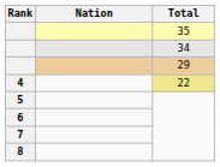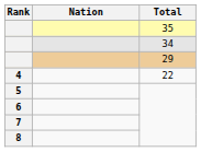 <table class="wikitable sortable" style="text-align:center; font-size:85%">
 <tr>
 <th scope="col" style="width:25px;">Rank</th>
 <th ! scope="col" style="width:120px;">Nation</th>
 <th ! scope="col" style="width:60px;">Total</th>
 </tr>
 <tr bgcolor=fffcaf>
 <th scope=row></th>
 <td align=left></td>
 <td>35</td>
 </tr>
 <tr bgcolor=e5e5e5>
 <th scope=row></th>
 <td align=left></td>
 <td>34</td>
 </tr>
 <tr bgcolor=eecc99>
 <th scope=row></th>
 <td align=left></td>
 <td>29</td>
 </tr>
 <tr>
 <th scope=row>4</th>
 <td align=left></td>
-<td style="background: khaki;">22</td>
+<td>22</td>
 </tr>
 <tr>
 <th scope=row>5</th>
 <td align=left></td>
 <td rowspan=4></td>
 </tr>
 <tr>
 <th scope=row>6</th>
 <td align=left></td>
 </tr>
 <tr>
 <th scope=row>7</th>
 <td align=left></td>
 </tr>
 <tr>
 <th scope=row>8</th>
 <td align=left></td>
 </tr>
 </table>
